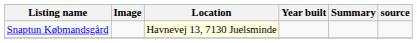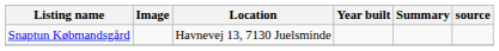 <table class="wikitable sortable">
 <tr>
 <th>Listing name</th>
 <th>Image</th>
 <th>Location</th>
 <th>Year built</th>
 <th>Summary</th>
 <th>source</th>
 </tr>
 <tr>
 <td><a href='#'>Snaptun Købmandsgård</a></td>
 <td></td>
-<td style="background: lightyellow;">Havnevej 13, 7130 Juelsminde</td>
+<td>Havnevej 13, 7130 Juelsminde</td>
 <td></td>
 <td></td>
 <td></td>
 </tr>
 <tr>
 </tr>
 </table>
